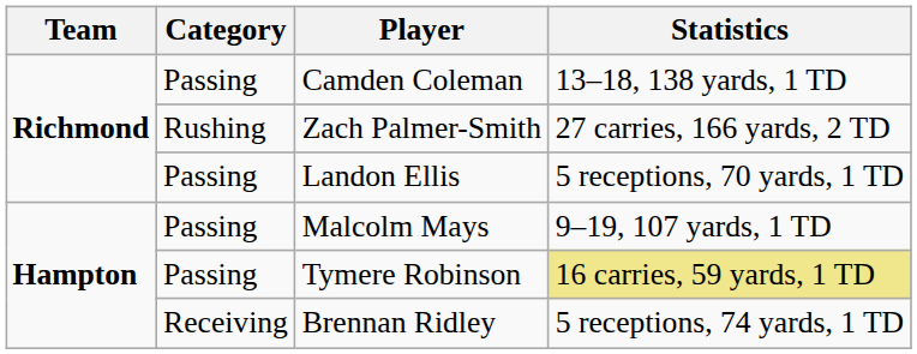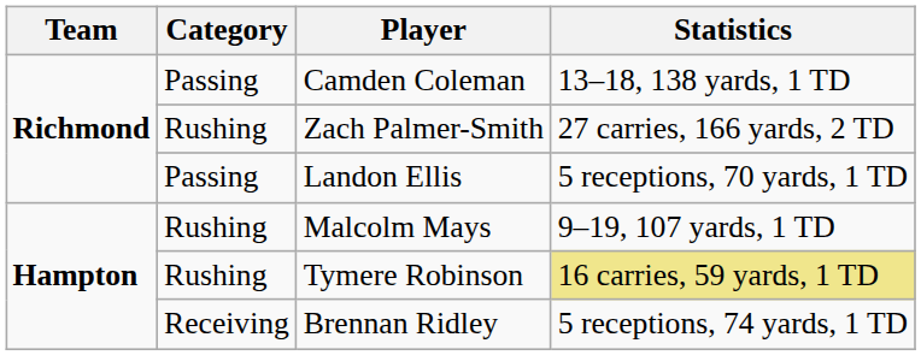 <table class="wikitable" style="float: right;">
 <tr>
 <th>Team</th>
 <th>Category</th>
 <th>Player</th>
 <th>Statistics</th>
 </tr>
 <tr>
 <td rowspan=3><strong>Richmond</strong></td>
 <td>Passing</td>
 <td>Camden Coleman</td>
 <td>13–18, 138 yards, 1 TD</td>
 </tr>
 <tr>
 <td>Rushing</td>
 <td>Zach Palmer-Smith</td>
 <td>27 carries, 166 yards, 2 TD</td>
 </tr>
 <tr>
 <td>Passing</td>
 <td>Landon Ellis</td>
 <td>5 receptions, 70 yards, 1 TD</td>
 </tr>
 <tr>
 <td rowspan=3><strong>Hampton</strong></td>
-<td>Passing</td>
+<td>Rushing</td>
 <td>Malcolm Mays</td>
 <td>9–19, 107 yards, 1 TD</td>
 </tr>
 <tr>
-<td>Passing</td>
+<td>Rushing</td>
 <td>Tymere Robinson</td>
 <td style="background: khaki;">16 carries, 59 yards, 1 TD</td>
 </tr>
 <tr>
 <td>Receiving</td>
 <td>Brennan Ridley</td>
 <td>5 receptions, 74 yards, 1 TD</td>
 </tr>
 </table>
